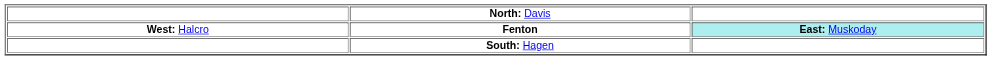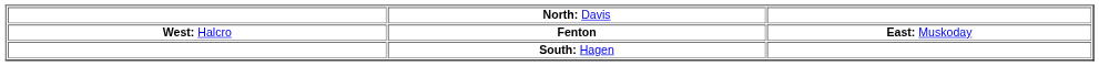 <table width="75%" border="2" align="center">
 <tr ---->
 <td width="35%" align="center"></td>
 <td width="30%" align="center"><strong>North:</strong> <a href='#'>Davis</a></td>
 <td width="35%" align="center"></td>
 </tr>
 <tr ---->
 <td width ="10%" align="center"><strong>West:</strong> <a href='#'>Halcro</a></td>
 <td width ="35%" align="center"><strong>Fenton</strong></td>
-<td width ="30%" align="center" style="background: paleturquoise;"><strong>East:</strong> <a href='#'>Muskoday</a></td>
+<td width ="30%" align="center"><strong>East:</strong> <a href='#'>Muskoday</a></td>
 </tr>
 <tr ---->
 <td width ="35%" align="center"></td>
 <td width ="30%" align="center"><strong>South:</strong> <a href='#'>Hagen</a></td>
 <td width ="35%" align="center"></td>
 </tr>
 </table>
